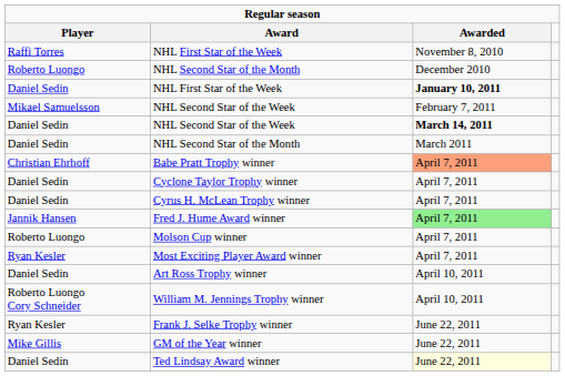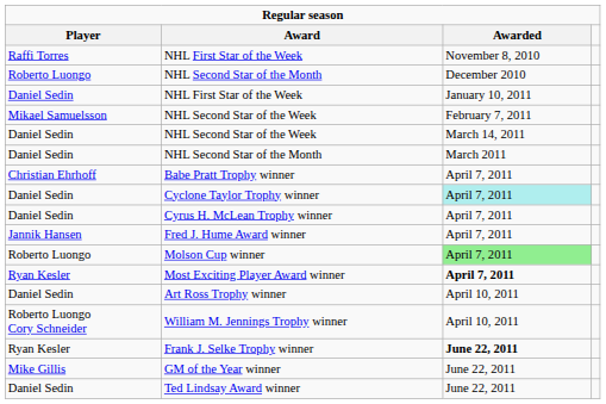 <table class="wikitable" width="60%">
 <tr>
 <td colspan="10" align="center"><strong>Regular season</strong></td>
 </tr>
 <tr>
 <th>Player</th>
 <th>Award</th>
 <th>Awarded</th>
 <td></td>
 </tr>
 <tr>
 <td><a href='#'>Raffi Torres</a></td>
 <td>NHL <a href='#'>First Star of the Week</a></td>
 <td>November 8, 2010</td>
 <td></td>
 </tr>
 <tr>
 <td><a href='#'>Roberto Luongo</a></td>
 <td>NHL <a href='#'>Second Star of the Month</a></td>
 <td>December 2010</td>
 <td></td>
 </tr>
 <tr>
 <td><a href='#'>Daniel Sedin</a></td>
 <td>NHL First Star of the Week</td>
-<td><strong>January 10, 2011</strong></td>
+<td>January 10, 2011</td>
 <td></td>
 </tr>
 <tr>
 <td><a href='#'>Mikael Samuelsson</a></td>
 <td>NHL Second Star of the Week</td>
 <td>February 7, 2011</td>
 <td></td>
 </tr>
 <tr>
 <td>Daniel Sedin</td>
 <td>NHL Second Star of the Week</td>
-<td><strong>March 14, 2011</strong></td>
+<td>March 14, 2011</td>
 <td></td>
 </tr>
 <tr>
 <td>Daniel Sedin</td>
 <td>NHL Second Star of the Month</td>
 <td>March 2011</td>
 <td></td>
 </tr>
 <tr>
 <td><a href='#'>Christian Ehrhoff</a></td>
 <td><a href='#'>Babe Pratt Trophy</a> winner</td>
-<td style="background: lightsalmon;">April 7, 2011</td>
+<td>April 7, 2011</td>
 <td></td>
 </tr>
 <tr>
 <td>Daniel Sedin</td>
 <td><a href='#'>Cyclone Taylor Trophy</a> winner</td>
-<td>April 7, 2011</td>
+<td style="background: paleturquoise;">April 7, 2011</td>
 <td></td>
 </tr>
 <tr>
 <td>Daniel Sedin</td>
 <td><a href='#'>Cyrus H. McLean Trophy</a> winner</td>
 <td>April 7, 2011</td>
 <td></td>
 </tr>
 <tr>
 <td><a href='#'>Jannik Hansen</a></td>
 <td><a href='#'>Fred J. Hume Award</a> winner</td>
-<td style="background: lightgreen;">April 7, 2011</td>
+<td>April 7, 2011</td>
 <td></td>
 </tr>
 <tr>
 <td>Roberto Luongo</td>
 <td><a href='#'>Molson Cup</a> winner</td>
-<td>April 7, 2011</td>
+<td style="background: lightgreen;">April 7, 2011</td>
 <td></td>
 </tr>
 <tr>
 <td><a href='#'>Ryan Kesler</a></td>
 <td><a href='#'>Most Exciting Player Award</a> winner</td>
-<td>April 7, 2011</td>
+<td><strong>April 7, 2011</strong></td>
 <td></td>
 </tr>
 <tr>
 <td>Daniel Sedin</td>
 <td><a href='#'>Art Ross Trophy</a> winner</td>
 <td>April 10, 2011</td>
 <td></td>
 </tr>
 <tr>
 <td>Roberto Luongo<br><a href='#'>Cory Schneider</a></td>
 <td><a href='#'>William M. Jennings Trophy</a> winner</td>
 <td>April 10, 2011</td>
 <td></td>
 </tr>
 <tr>
 <td>Ryan Kesler</td>
 <td><a href='#'>Frank J. Selke Trophy</a> winner</td>
-<td>June 22, 2011</td>
+<td><strong>June 22, 2011</strong></td>
 <td></td>
 </tr>
 <tr>
 <td><a href='#'>Mike Gillis</a></td>
 <td><a href='#'>GM of the Year</a> winner</td>
 <td>June 22, 2011</td>
 <td></td>
 </tr>
 <tr>
 <td>Daniel Sedin</td>
 <td><a href='#'>Ted Lindsay Award</a> winner</td>
-<td style="background: lightyellow;">June 22, 2011</td>
+<td>June 22, 2011</td>
 <td></td>
 </tr>
 </table>
